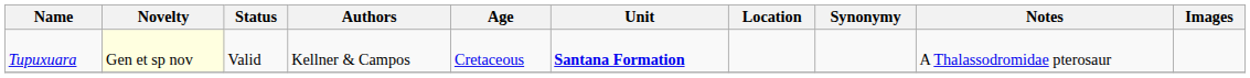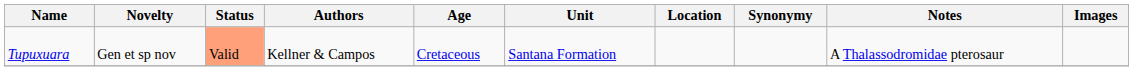 <table class="wikitable sortable" align="center" width="100%">
 <tr>
 <th>Name</th>
 <th>Novelty</th>
 <th>Status</th>
 <th>Authors</th>
 <th>Age</th>
 <th>Unit</th>
 <th>Location</th>
 <th>Synonymy</th>
 <th>Notes</th>
 <th>Images</th>
 </tr>
 <tr>
 <td><br><em><a href='#'>Tupuxuara</a></em></td>
-<td style="background: lightyellow;"><br>Gen et sp nov</td>
-<td><br>Valid</td>
+<td><br>Gen et sp nov</td>
+<td style="background: lightsalmon;"><br>Valid</td>
 <td><br>Kellner & Campos</td>
 <td><br><a href='#'>Cretaceous</a></td>
-<td><strong><br><a href='#'>Santana Formation</a></strong></td>
+<td><br><a href='#'>Santana Formation</a></td>
 <td><br></td>
 <td></td>
 <td><br>A <a href='#'>Thalassodromidae</a> pterosaur</td>
 <td><br></td>
 </tr>
 <tr>
 </tr>
 </table>
